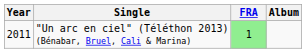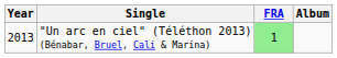 <table class="wikitable">
 <tr>
 <th>Year</th>
 <th>Single</th>
 <th width="40"><a href='#'>FRA</a></th>
 <th>Album</th>
 </tr>
 <tr>
-<td>2011</td>
+<td>2013</td>
 <td>"Un arc en ciel" (Téléthon 2013)<br><small>(Bénabar, <a href='#'>Bruel</a>, <a href='#'>Cali</a> & Marina)</small></td>
 <td style="background: lightgreen; text-align:center;">1</td>
 <td></td>
 </tr>
 </table>
